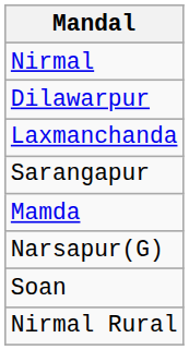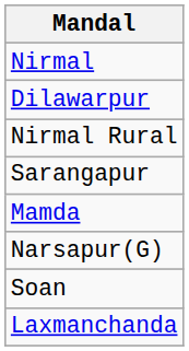 <table class="wikitable sortable static-row-numbers static-row-header-hash">
 <tr>
 <th>Mandal</th>
 </tr>
 <tr>
 <td><a href='#'>Nirmal</a></td>
 </tr>
 <tr>
 <td><a href='#'>Dilawarpur</a></td>
 </tr>
 <tr>
-<td><a href='#'>Laxmanchanda</a></td>
+<td>Nirmal Rural</td>
 </tr>
 <tr>
 <td>Sarangapur</td>
 </tr>
 <tr>
 <td><a href='#'>Mamda</a></td>
 </tr>
 <tr>
 <td>Narsapur(G)</td>
 </tr>
 <tr>
 <td>Soan</td>
 </tr>
 <tr>
-<td>Nirmal Rural</td>
+<td><a href='#'>Laxmanchanda</a></td>
 </tr>
 </table>
